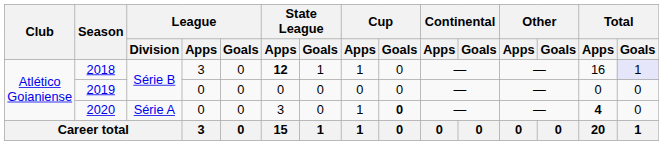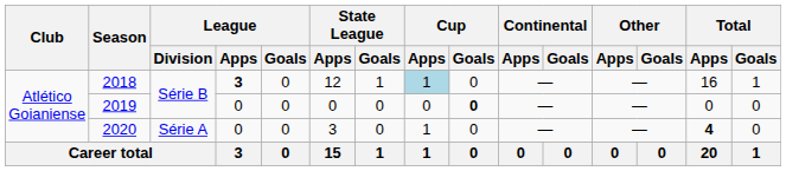 <table class="wikitable" style="text-align: center">
 <tr>
 <th rowspan="2">Club</th>
 <th rowspan="2">Season</th>
 <th colspan="3">League</th>
 <th colspan="2">State League</th>
 <th colspan="2">Cup</th>
 <th colspan="2">Continental</th>
 <th colspan="2">Other</th>
 <th colspan="2">Total</th>
 </tr>
 <tr>
 <th>Division</th>
 <th>Apps</th>
 <th>Goals</th>
 <th>Apps</th>
 <th>Goals</th>
 <th>Apps</th>
 <th>Goals</th>
 <th>Apps</th>
 <th>Goals</th>
 <th>Apps</th>
 <th>Goals</th>
 <th>Apps</th>
 <th>Goals</th>
 </tr>
 <tr>
 <td rowspan="3"><a href='#'>Atlético Goianiense</a></td>
 <td><a href='#'>2018</a></td>
 <td rowspan="2"><a href='#'>Série B</a></td>
-<td>3</td>
+<td><strong>3</strong></td>
 <td>0</td>
-<td><strong>12</strong></td>
+<td>12</td>
 <td>1</td>
-<td>1</td>
+<td style="background: lightblue;">1</td>
 <td>0</td>
 <td colspan="2">—</td>
 <td colspan="2">—</td>
 <td>16</td>
-<td style="background: lavender;">1</td>
+<td>1</td>
 </tr>
 <tr>
 <td><a href='#'>2019</a></td>
 <td>0</td>
 <td>0</td>
 <td>0</td>
 <td>0</td>
 <td>0</td>
-<td>0</td>
+<td><strong>0</strong></td>
 <td colspan="2">—</td>
 <td colspan="2">—</td>
 <td>0</td>
 <td>0</td>
 </tr>
 <tr>
 <td><a href='#'>2020</a></td>
 <td><a href='#'>Série A</a></td>
 <td>0</td>
 <td>0</td>
 <td>3</td>
 <td>0</td>
 <td>1</td>
-<td><strong>0</strong></td>
+<td>0</td>
 <td colspan="2">—</td>
 <td colspan="2">—</td>
 <td><strong>4</strong></td>
 <td>0</td>
 </tr>
 <tr>
 <th colspan="3"><strong>Career total</strong></th>
 <th>3</th>
 <th>0</th>
 <th>15</th>
 <th>1</th>
 <th>1</th>
 <th>0</th>
 <th>0</th>
 <th>0</th>
 <th>0</th>
 <th>0</th>
 <th>20</th>
 <th>1</th>
 </tr>
 </table>
